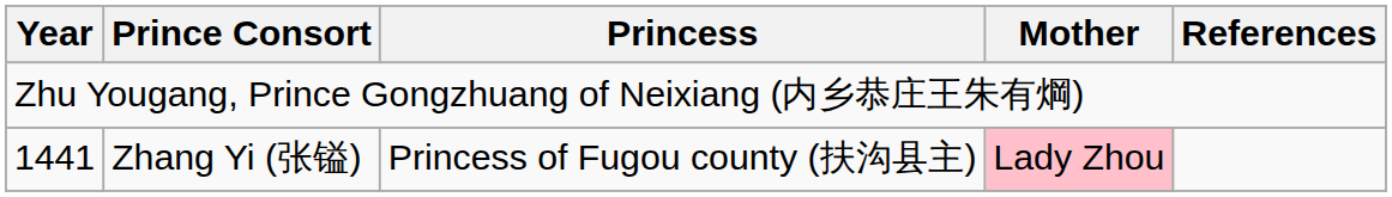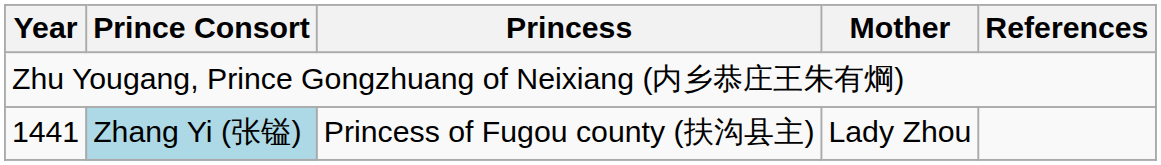 <table class="wikitable">
 <tr>
 <th>Year</th>
 <th>Prince Consort</th>
 <th>Princess</th>
 <th>Mother</th>
 <th>References</th>
 </tr>
 <tr>
 <td colspan="5">Zhu Yougang, Prince Gongzhuang of Neixiang (内乡恭庄王朱有焵)</td>
 </tr>
 <tr>
 <td>1441</td>
-<td>Zhang Yi (张镒)</td>
+<td style="background: lightblue;">Zhang Yi (张镒)</td>
 <td>Princess of Fugou county (扶沟县主)</td>
-<td style="background: pink;">Lady Zhou</td>
+<td>Lady Zhou</td>
 <td></td>
 </tr>
 </table>
